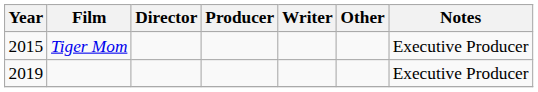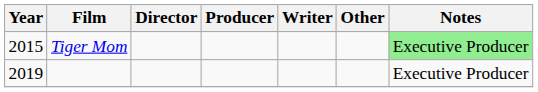 <table class="wikitable sortable" style="text-align:center">
 <tr>
 <th>Year</th>
 <th>Film</th>
 <th>Director</th>
 <th>Producer</th>
 <th>Writer</th>
 <th>Other</th>
 <th>Notes</th>
 </tr>
 <tr>
 <td>2015</td>
 <td style="text-align:left"><em><a href='#'>Tiger Mom</a></em></td>
 <td></td>
 <td></td>
 <td></td>
 <td></td>
-<td>Executive Producer</td>
+<td style="background: lightgreen;">Executive Producer</td>
 </tr>
 <tr>
 <td>2019</td>
 <td style="text-align:left"></td>
 <td></td>
 <td></td>
 <td></td>
 <td></td>
 <td>Executive Producer</td>
 </tr>
 <tr>
 </tr>
 </table>
